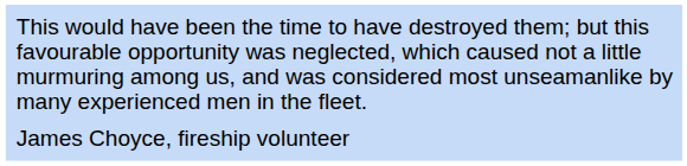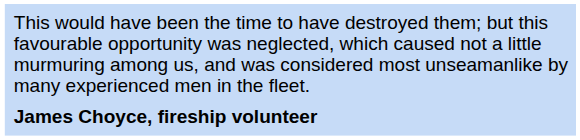 <table class="toccolours" style="float: right; margin-left: 2em; margin-right: 1em; font-size: 85%; background:#c6dbf7; color:black; width:30em; max-width: 40%;" cellspacing="5">
 <tr>
 <td style="text-align: left;">This would have been the time to have destroyed them; but this favourable opportunity was neglected, which caused not a little murmuring among us, and was considered most unseamanlike by many experienced men in the fleet.</td>
 </tr>
 <tr>
-<td style="text-align: left;">James Choyce, fireship volunteer</td>
+<td style="text-align: left;"><strong>James Choyce, fireship volunteer</strong></td>
 </tr>
 </table>
